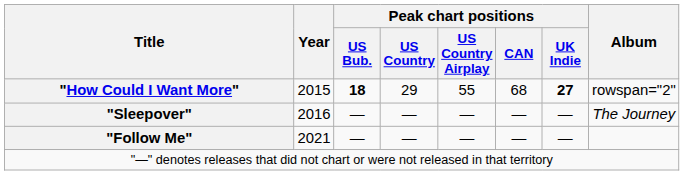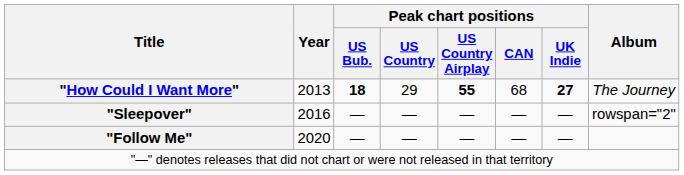 <table class="wikitable plainrowheaders" style="text-align:center" border="1">
 <tr>
 <th scope="col" rowspan="2" style="width:19em">Title</th>
 <th scope="col" rowspan="2">Year</th>
 <th scope="col" colspan="5">Peak chart positions</th>
 <th scope="col" rowspan="2">Album</th>
 </tr>
 <tr>
 <th scope="col" style="width:3em;font-size:90%"><a href='#'>US<br>Bub.</a><br></th>
 <th scope="col" style="width:3em;font-size:90%"><a href='#'>US<br>Country</a><br></th>
 <th scope="col" style="width:3em;font-size:90%"><a href='#'>US<br>Country<br>Airplay</a><br></th>
 <th scope="col" style="width:3em;font-size:90%"><a href='#'>CAN</a><br></th>
 <th scope="col" style="width:3em;font-size:90%"><a href='#'>UK<br>Indie</a><br></th>
 </tr>
 <tr>
 <th scope="row">"<a href='#'>How Could I Want More</a>"</th>
-<td>2015</td>
+<td>2013</td>
 <td><strong>18</strong></td>
 <td>29</td>
-<td>55</td>
+<td><strong>55</strong></td>
 <td>68</td>
 <td><strong>27</strong></td>
-<td>rowspan="2" </td>
+<td><em>The Journey</em></td>
 </tr>
 <tr>
 <th scope="row">"Sleepover"</th>
 <td>2016</td>
 <td>—</td>
 <td>—</td>
 <td>—</td>
 <td>—</td>
 <td>—</td>
-<td><em>The Journey</em></td>
+<td>rowspan="2" </td>
 </tr>
 <tr>
 <th scope="row">"Follow Me"<br> </th>
-<td>2021</td>
+<td>2020</td>
 <td>—</td>
 <td>—</td>
 <td>—</td>
 <td>—</td>
 <td>—</td>
 </tr>
 <tr>
 <td align="center" colspan="12" style="font-size:85%">"—" denotes releases that did not chart or were not released in that territory</td>
 </tr>
 </table>
